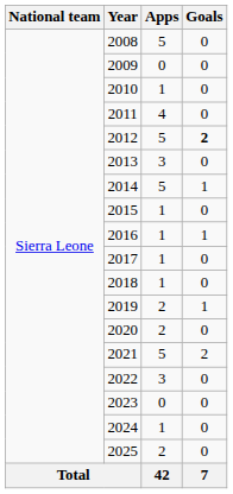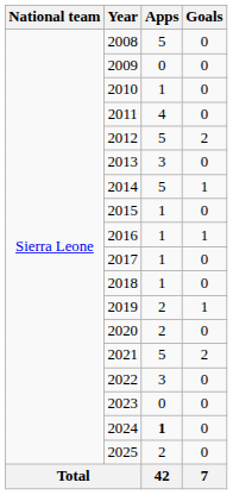 <table class="wikitable" style="text-align:center">
 <tr>
 <th>National team</th>
 <th>Year</th>
 <th>Apps</th>
 <th>Goals</th>
 </tr>
 <tr>
 <td rowspan="18"><a href='#'>Sierra Leone</a></td>
 <td>2008</td>
 <td>5</td>
 <td>0</td>
 </tr>
 <tr>
 <td>2009</td>
 <td>0</td>
 <td>0</td>
 </tr>
 <tr>
 <td>2010</td>
 <td>1</td>
 <td>0</td>
 </tr>
 <tr>
 <td>2011</td>
 <td>4</td>
 <td>0</td>
 </tr>
 <tr>
 <td>2012</td>
 <td>5</td>
-<td><strong>2</strong></td>
+<td>2</td>
 </tr>
 <tr>
 <td>2013</td>
 <td>3</td>
 <td>0</td>
 </tr>
 <tr>
 <td>2014</td>
 <td>5</td>
 <td>1</td>
 </tr>
 <tr>
 <td>2015</td>
 <td>1</td>
 <td>0</td>
 </tr>
 <tr>
 <td>2016</td>
 <td>1</td>
 <td>1</td>
 </tr>
 <tr>
 <td>2017</td>
 <td>1</td>
 <td>0</td>
 </tr>
 <tr>
 <td>2018</td>
 <td>1</td>
 <td>0</td>
 </tr>
 <tr>
 <td>2019</td>
 <td>2</td>
 <td>1</td>
 </tr>
 <tr>
 <td>2020</td>
 <td>2</td>
 <td>0</td>
 </tr>
 <tr>
 <td>2021</td>
 <td>5</td>
 <td>2</td>
 </tr>
 <tr>
 <td>2022</td>
 <td>3</td>
 <td>0</td>
 </tr>
 <tr>
 <td>2023</td>
 <td>0</td>
 <td>0</td>
 </tr>
 <tr>
 <td>2024</td>
-<td>1</td>
+<td><strong>1</strong></td>
 <td>0</td>
 </tr>
 <tr>
 <td>2025</td>
 <td>2</td>
 <td>0</td>
 </tr>
 <tr>
 <th colspan="2">Total</th>
 <th>42</th>
 <th>7</th>
 </tr>
 </table>
